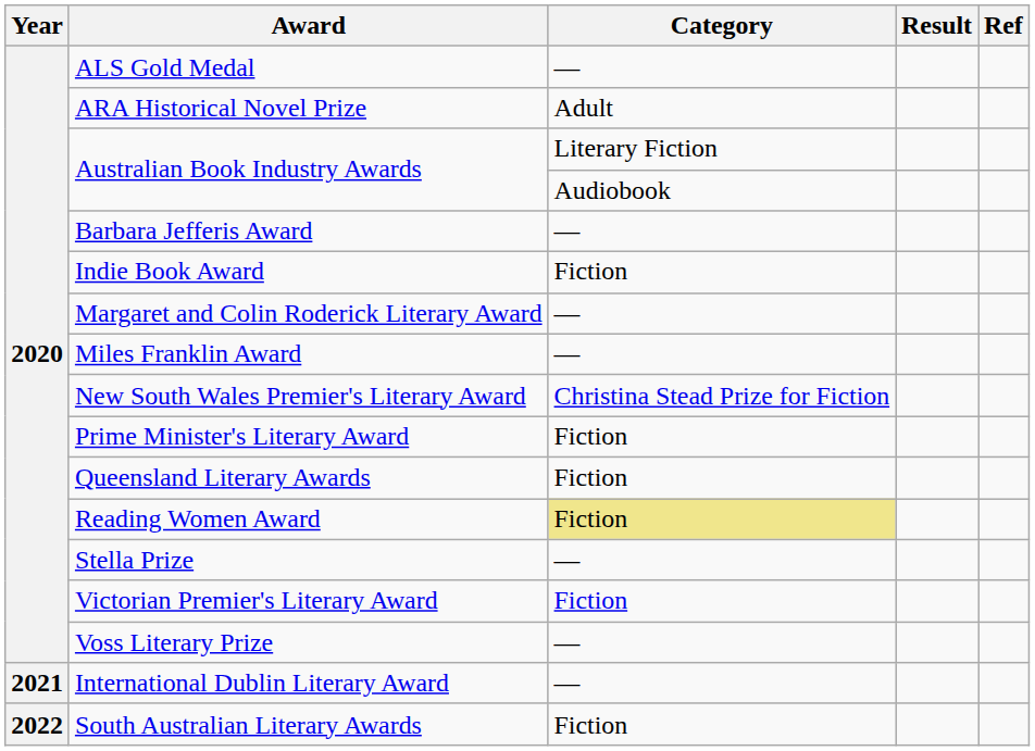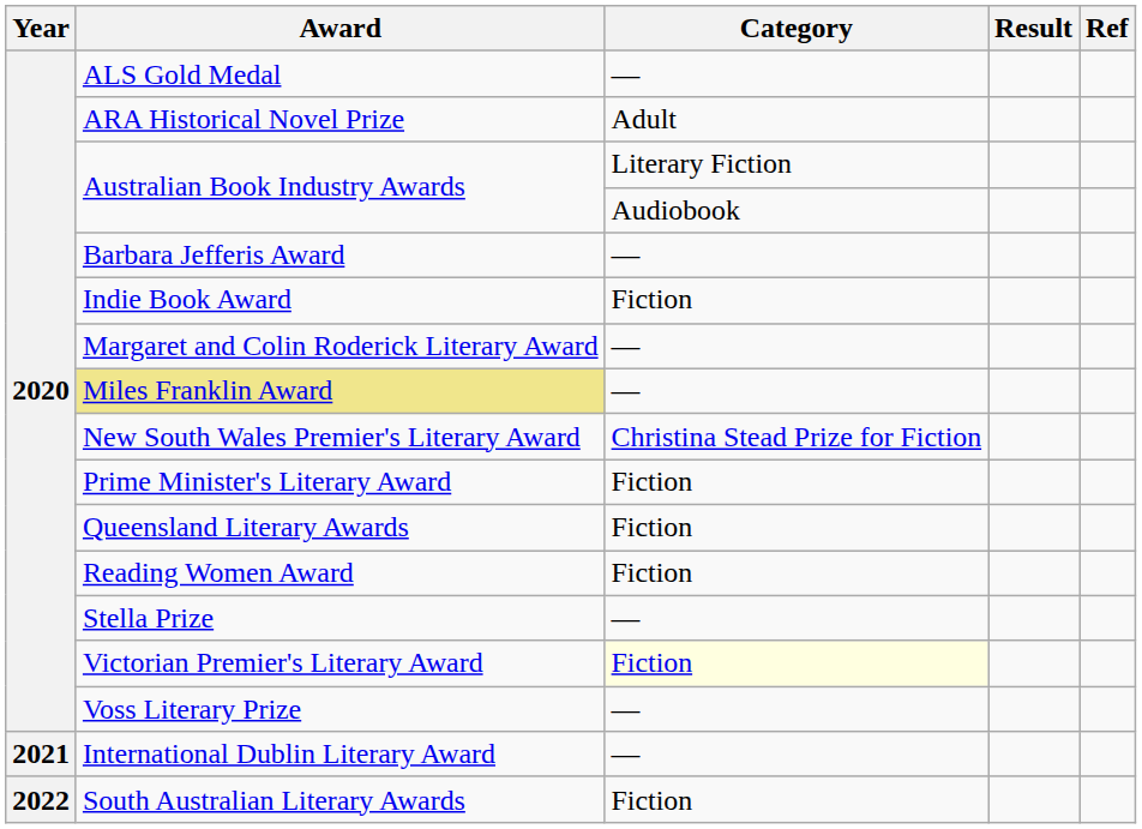 <table class="wikitable sortable">
 <tr>
 <th>Year</th>
 <th>Award</th>
 <th>Category</th>
 <th>Result</th>
 <th>Ref</th>
 </tr>
 <tr>
 <th rowspan=15>2020</th>
 <td><a href='#'>ALS Gold Medal</a></td>
 <td>—</td>
 <td></td>
 <td></td>
 </tr>
 <tr>
 <td><a href='#'>ARA Historical Novel Prize</a></td>
 <td>Adult</td>
 <td></td>
 <td></td>
 </tr>
 <tr>
 <td rowspan="2"><a href='#'>Australian Book Industry Awards</a></td>
 <td>Literary Fiction</td>
 <td></td>
 <td></td>
 </tr>
 <tr>
 <td>Audiobook</td>
 <td></td>
 <td></td>
 </tr>
 <tr>
 <td><a href='#'>Barbara Jefferis Award</a></td>
 <td>—</td>
 <td></td>
 <td></td>
 </tr>
 <tr>
 <td><a href='#'>Indie Book Award</a></td>
 <td>Fiction</td>
 <td></td>
 <td></td>
 </tr>
 <tr>
 <td><a href='#'>Margaret and Colin Roderick Literary Award</a></td>
 <td>—</td>
 <td></td>
 <td></td>
 </tr>
 <tr>
-<td><a href='#'>Miles Franklin Award</a></td>
+<td style="background: khaki;"><a href='#'>Miles Franklin Award</a></td>
 <td>—</td>
 <td></td>
 <td></td>
 </tr>
 <tr>
 <td><a href='#'>New South Wales Premier's Literary Award</a></td>
 <td><a href='#'>Christina Stead Prize for Fiction</a></td>
 <td></td>
 <td></td>
 </tr>
 <tr>
 <td><a href='#'>Prime Minister's Literary Award</a></td>
 <td>Fiction</td>
 <td></td>
 <td></td>
 </tr>
 <tr>
 <td><a href='#'>Queensland Literary Awards</a></td>
 <td>Fiction</td>
 <td></td>
 <td></td>
 </tr>
 <tr>
 <td><a href='#'>Reading Women Award</a></td>
-<td style="background: khaki;">Fiction</td>
+<td>Fiction</td>
 <td></td>
 <td></td>
 </tr>
 <tr>
 <td><a href='#'>Stella Prize</a></td>
 <td>—</td>
 <td></td>
 <td></td>
 </tr>
 <tr>
 <td><a href='#'>Victorian Premier's Literary Award</a></td>
-<td><a href='#'>Fiction</a></td>
+<td style="background: lightyellow;"><a href='#'>Fiction</a></td>
 <td></td>
 <td></td>
 </tr>
 <tr>
 <td><a href='#'>Voss Literary Prize</a></td>
 <td>—</td>
 <td></td>
 <td></td>
 </tr>
 <tr>
 <th>2021</th>
 <td><a href='#'>International Dublin Literary Award</a></td>
 <td>—</td>
 <td></td>
 <td></td>
 </tr>
 <tr>
 <th>2022</th>
 <td><a href='#'>South Australian Literary Awards</a></td>
 <td>Fiction</td>
 <td></td>
 <td></td>
 </tr>
 </table>
